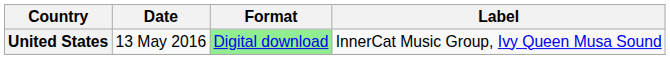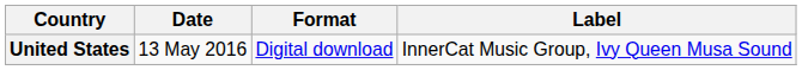 <table class="wikitable plainrowheaders">
 <tr>
 <th scope="col">Country</th>
 <th scope="col">Date</th>
 <th scope="col">Format</th>
 <th scope="col">Label</th>
 </tr>
 <tr>
 <th scope="row">United States</th>
 <td rowspan="1">13 May 2016</td>
-<td rowspan="1" style="background: lightgreen;"><a href='#'>Digital download</a></td>
+<td rowspan="1"><a href='#'>Digital download</a></td>
 <td rowspan="1">InnerCat Music Group, <a href='#'>Ivy Queen Musa Sound</a></td>
 </tr>
 <tr>
 </tr>
 </table>
